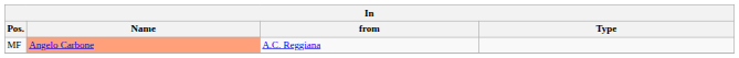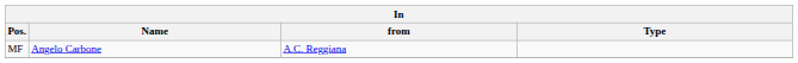 <table class="wikitable" style="font-size:90%;">
 <tr>
 <th colspan="4">In</th>
 </tr>
 <tr>
 <th width=3%>Pos.</th>
 <th width=32%>Name</th>
 <th width=30%>from</th>
 <th width=35%>Type</th>
 </tr>
 <tr>
 <td>MF</td>
-<td style="background: lightsalmon;"><a href='#'>Angelo Carbone</a></td>
+<td><a href='#'>Angelo Carbone</a></td>
 <td><a href='#'>A.C. Reggiana</a></td>
 <td></td>
 </tr>
 <tr>
 </tr>
 </table>
